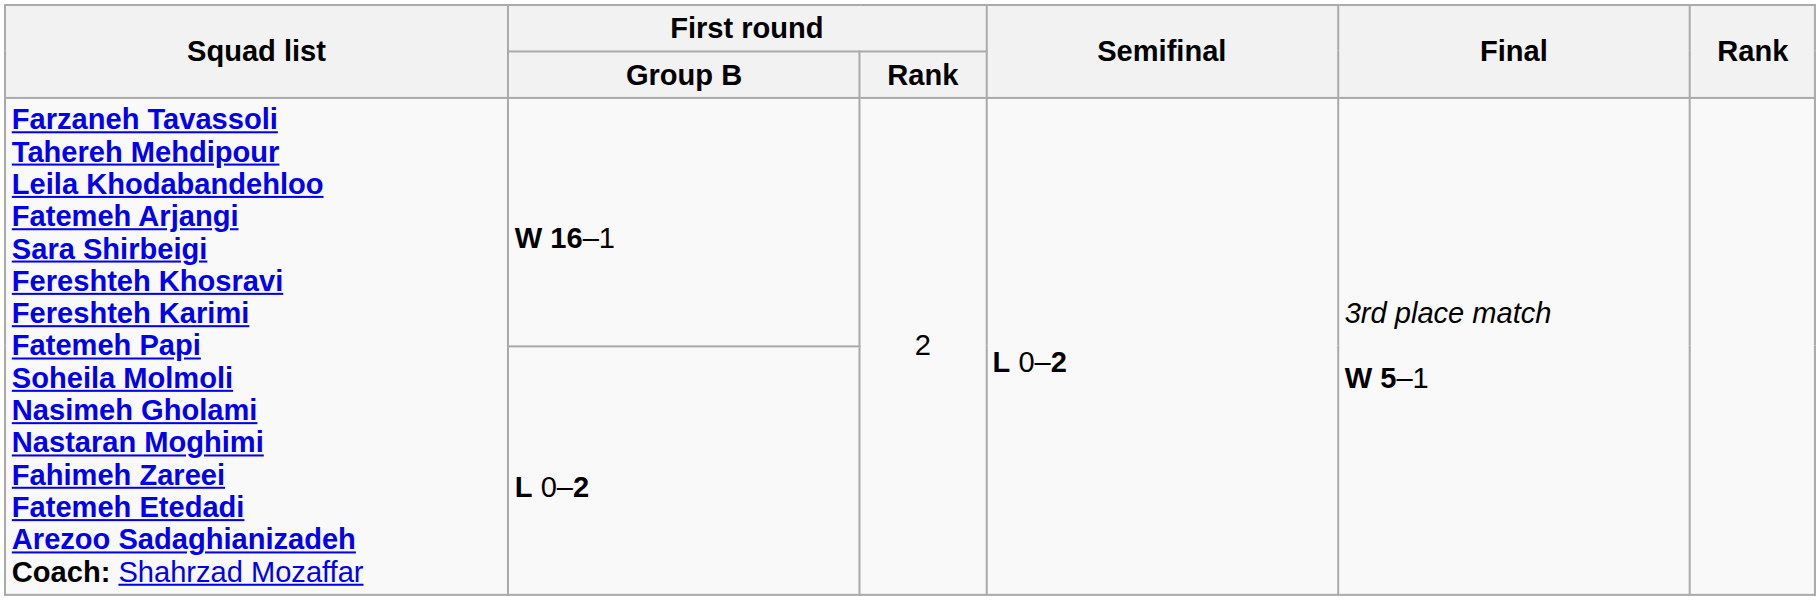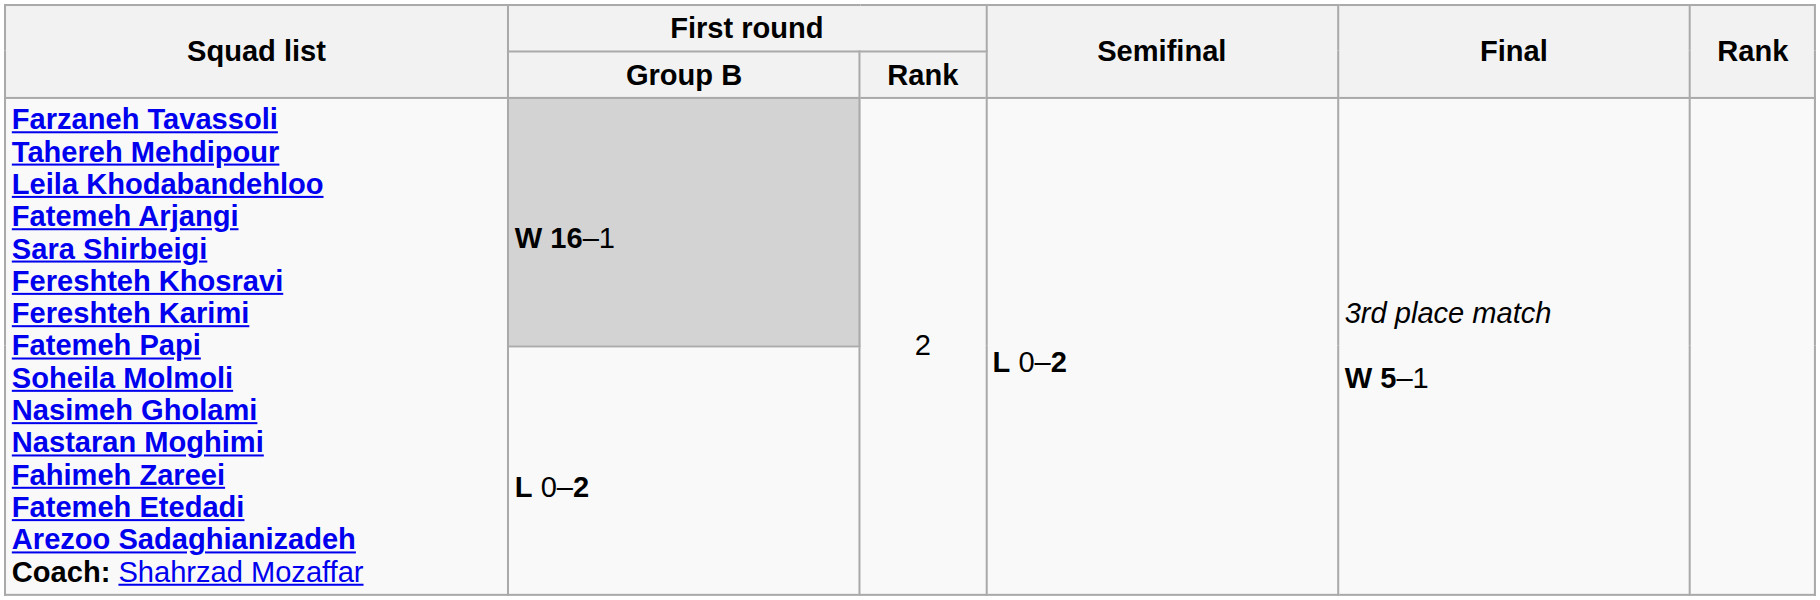 <table class="wikitable" width="71%" style="text-align:left; font-size:90%">
 <tr>
 <th rowspan="2" width="20%">Squad list</th>
 <th colspan="2">First round</th>
 <th rowspan="2" width="14%">Semifinal</th>
 <th rowspan="2" width="14%">Final</th>
 <th rowspan="2" width="5%">Rank</th>
 </tr>
 <tr>
 <th width="14%">Group B</th>
 <th width="5%">Rank</th>
 </tr>
 <tr>
 <td rowspan="2"><strong><a href='#'>Farzaneh Tavassoli</a><br><a href='#'>Tahereh Mehdipour</a><br><a href='#'>Leila Khodabandehloo</a><br><a href='#'>Fatemeh Arjangi</a><br><a href='#'>Sara Shirbeigi</a><br><a href='#'>Fereshteh Khosravi</a><br><a href='#'>Fereshteh Karimi</a><br><a href='#'>Fatemeh Papi</a><br><a href='#'>Soheila Molmoli</a><br><a href='#'>Nasimeh Gholami</a><br><a href='#'>Nastaran Moghimi</a><br><a href='#'>Fahimeh Zareei</a><br><a href='#'>Fatemeh Etedadi</a><br><a href='#'>Arezoo Sadaghianizadeh</a><br>Coach:</strong> <a href='#'>Shahrzad Mozaffar</a></td>
-<td><br><strong>W</strong> <strong>16</strong>–1</td>
+<td style="background: lightgrey;"><br><strong>W</strong> <strong>16</strong>–1</td>
 <td rowspan="2" align=center>2 <strong></strong></td>
 <td rowspan="2"><br><strong>L</strong> 0–<strong>2</strong></td>
 <td rowspan="2"><em>3rd place match</em><br><br><strong>W</strong> <strong>5</strong>–1</td>
 <td rowspan="2" align="center"></td>
 </tr>
 <tr>
 <td><br><strong>L</strong> 0–<strong>2</strong></td>
 </tr>
 </table>
